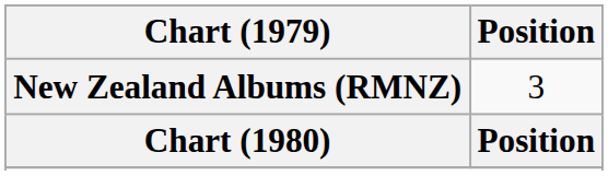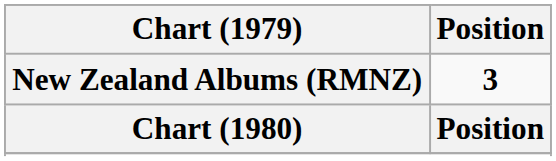 <table class="wikitable plainrowheaders" style="text-align:center">
 <tr>
 <th scope="col">Chart (1979)</th>
 <th scope="col">Position</th>
 </tr>
 <tr>
 <th scope="row">New Zealand Albums (RMNZ)</th>
-<td>3</td>
+<td><strong>3</strong></td>
 </tr>
 <tr>
 <th scope="col">Chart (1980)</th>
 <th scope="col">Position</th>
 </tr>
 <tr>
 </tr>
 <tr>
 </tr>
 </table>
